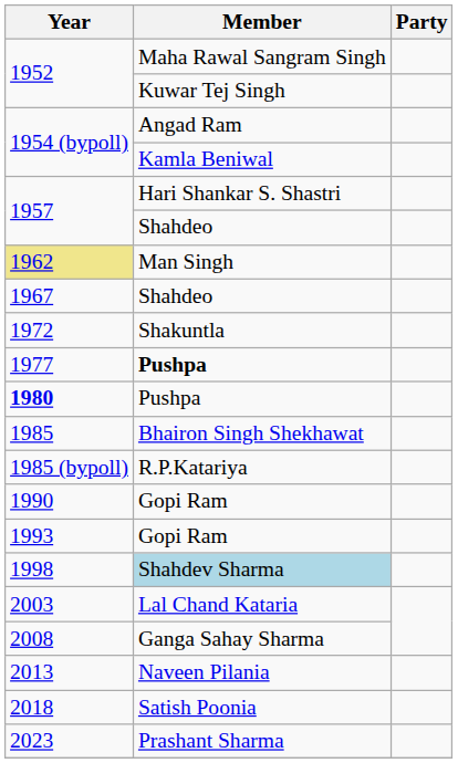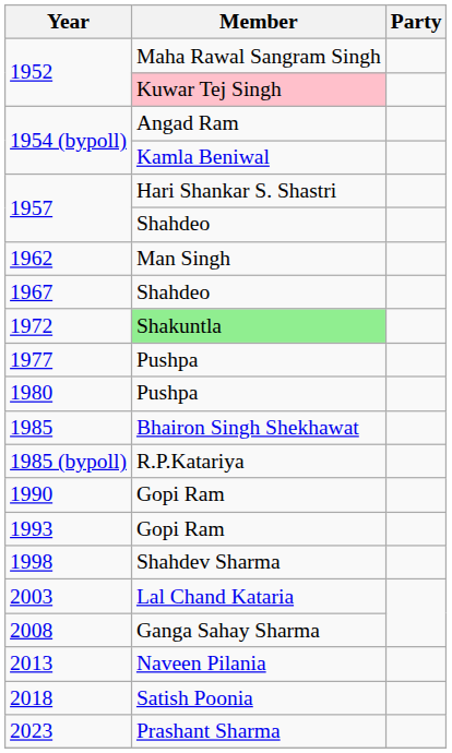 <table class="wikitable sortable">
 <tr>
 <th>Year</th>
 <th>Member</th>
 <th colspan=2>Party</th>
 </tr>
 <tr>
 <td rowspan=2><a href='#'>1952</a></td>
 <td>Maha Rawal Sangram Singh</td>
 <td></td>
 </tr>
 <tr>
-<td>Kuwar Tej Singh</td>
+<td style="background: pink;">Kuwar Tej Singh</td>
 <td></td>
 </tr>
 <tr>
 <td rowspan=2><a href='#'>1954 (bypoll)</a></td>
 <td>Angad Ram</td>
 <td></td>
 </tr>
 <tr>
 <td><a href='#'>Kamla Beniwal</a></td>
 <td></td>
 </tr>
 <tr>
 <td rowspan=2><a href='#'>1957</a></td>
 <td>Hari Shankar S. Shastri</td>
 <td></td>
 </tr>
 <tr>
 <td>Shahdeo</td>
 <td></td>
 </tr>
 <tr>
-<td style="background: khaki;"><a href='#'>1962</a></td>
+<td><a href='#'>1962</a></td>
 <td>Man Singh</td>
 <td></td>
 </tr>
 <tr>
 <td><a href='#'>1967</a></td>
 <td>Shahdeo</td>
 <td></td>
 </tr>
 <tr>
 <td><a href='#'>1972</a></td>
-<td>Shakuntla</td>
+<td style="background: lightgreen;">Shakuntla</td>
 <td></td>
 </tr>
 <tr>
 <td><a href='#'>1977</a></td>
-<td><strong>Pushpa</strong></td>
+<td>Pushpa</td>
 <td></td>
 </tr>
 <tr>
-<td><strong><a href='#'>1980</a></strong></td>
+<td><a href='#'>1980</a></td>
 <td>Pushpa</td>
 <td></td>
 </tr>
 <tr>
 <td><a href='#'>1985</a></td>
 <td><a href='#'>Bhairon Singh Shekhawat</a></td>
 <td></td>
 </tr>
 <tr>
 <td><a href='#'>1985 (bypoll)</a></td>
 <td>R.P.Katariya</td>
 <td></td>
 </tr>
 <tr>
 <td><a href='#'>1990</a></td>
 <td>Gopi Ram</td>
 <td></td>
 </tr>
 <tr>
 <td><a href='#'>1993</a></td>
 <td>Gopi Ram</td>
 <td></td>
 </tr>
 <tr>
 <td><a href='#'>1998</a></td>
-<td style="background: lightblue;">Shahdev Sharma</td>
+<td>Shahdev Sharma</td>
 <td></td>
 </tr>
 <tr>
 <td><a href='#'>2003</a></td>
 <td><a href='#'>Lal Chand Kataria</a></td>
 </tr>
 <tr>
 <td><a href='#'>2008</a></td>
 <td>Ganga Sahay Sharma</td>
 </tr>
 <tr>
 <td><a href='#'>2013</a></td>
 <td><a href='#'>Naveen Pilania</a></td>
 <td></td>
 </tr>
 <tr>
 <td><a href='#'>2018</a></td>
 <td><a href='#'>Satish Poonia</a></td>
 <td></td>
 </tr>
 <tr>
 <td><a href='#'>2023</a></td>
 <td><a href='#'>Prashant Sharma</a></td>
 <td></td>
 </tr>
 <tr>
 </tr>
 </table>
